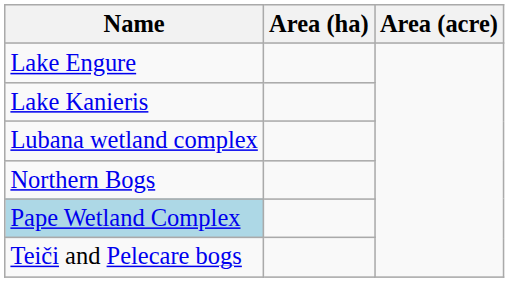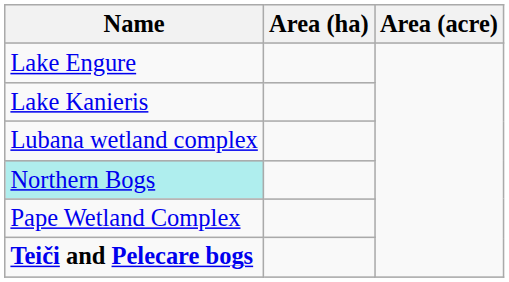 <table class="wikitable">
 <tr>
 <th scope="col" align=left>Name</th>
 <th scope="col">Area (ha)</th>
 <th scope="col">Area (acre)</th>
 </tr>
 <tr ---->
 <td><a href='#'>Lake Engure</a></td>
 <td></td>
 </tr>
 <tr ---->
 <td><a href='#'>Lake Kanieris</a></td>
 <td></td>
 </tr>
 <tr ---->
 <td><a href='#'>Lubana wetland complex</a></td>
 <td></td>
 </tr>
 <tr ---->
-<td><a href='#'>Northern Bogs</a></td>
+<td style="background: paleturquoise;"><a href='#'>Northern Bogs</a></td>
 <td></td>
 </tr>
 <tr ---->
-<td style="background: lightblue;"><a href='#'>Pape Wetland Complex</a></td>
+<td><a href='#'>Pape Wetland Complex</a></td>
 <td></td>
 </tr>
 <tr ---->
-<td><a href='#'>Teiči</a> and <a href='#'>Pelecare bogs</a></td>
+<td><strong><a href='#'>Teiči</a> and <a href='#'>Pelecare bogs</a></strong></td>
 <td></td>
 </tr>
 </table>
